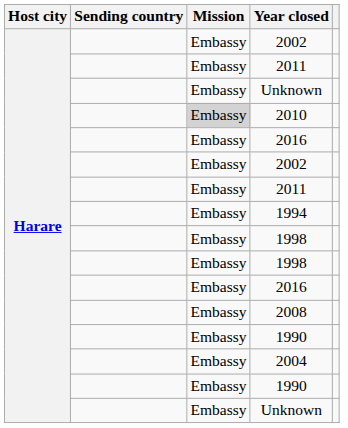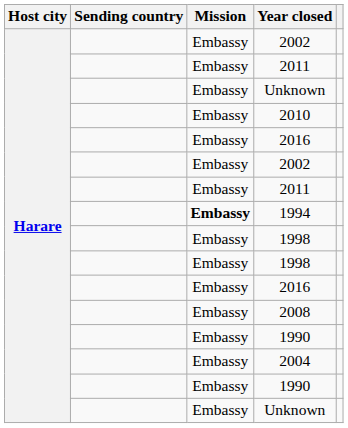 <table class="wikitable plainrowheaders">
 <tr>
 <th scope="col">Host city</th>
 <th scope="col">Sending country</th>
 <th scope="col">Mission</th>
 <th scope="col">Year closed</th>
 <th scope="col"></th>
 </tr>
 <tr>
 <th rowspan="16"><a href='#'>Harare</a></th>
 <td></td>
 <td style="text-align:center;">Embassy</td>
 <td style="text-align:center;">2002</td>
 <td style="text-align:center;"></td>
 </tr>
 <tr>
 <td></td>
 <td style="text-align:center;">Embassy</td>
 <td style="text-align:center;">2011</td>
 <td style="text-align:center;"></td>
 </tr>
 <tr>
 <td></td>
 <td style="text-align:center;">Embassy</td>
 <td style="text-align:center;">Unknown</td>
 <td style="text-align:center;"></td>
 </tr>
 <tr>
 <td></td>
-<td style="background: lightgrey; text-align:center;">Embassy</td>
+<td style="text-align:center;">Embassy</td>
 <td style="text-align:center;">2010</td>
 <td style="text-align:center;"></td>
 </tr>
 <tr>
 <td></td>
 <td style="text-align:center;">Embassy</td>
 <td style="text-align:center;">2016</td>
 <td style="text-align:center;"></td>
 </tr>
 <tr>
 <td></td>
 <td style="text-align:center;">Embassy</td>
 <td style="text-align:center;">2002</td>
 <td style="text-align:center;"></td>
 </tr>
 <tr>
 <td></td>
 <td style="text-align:center;">Embassy</td>
 <td style="text-align:center;">2011</td>
 <td style="text-align:center;"></td>
 </tr>
 <tr>
 <td></td>
-<td style="text-align:center;">Embassy</td>
+<td style="text-align:center;"><strong>Embassy</strong></td>
 <td style="text-align:center;">1994</td>
 <td style="text-align:center;"></td>
 </tr>
 <tr>
 <td></td>
 <td style="text-align:center;">Embassy</td>
 <td style="text-align:center;">1998</td>
 <td style="text-align:center;"></td>
 </tr>
 <tr>
 <td></td>
 <td style="text-align:center;">Embassy</td>
 <td style="text-align:center;">1998</td>
 <td style="text-align:center;"></td>
 </tr>
 <tr>
 <td></td>
 <td style="text-align:center;">Embassy</td>
 <td style="text-align:center;">2016</td>
 <td style="text-align:center;"></td>
 </tr>
 <tr>
 <td></td>
 <td style="text-align:center;">Embassy</td>
 <td style="text-align:center;">2008</td>
 <td style="text-align:center;"></td>
 </tr>
 <tr>
 <td></td>
 <td style="text-align:center;">Embassy</td>
 <td style="text-align:center;">1990</td>
 <td style="text-align:center;"></td>
 </tr>
 <tr>
 <td></td>
 <td style="text-align:center;">Embassy</td>
 <td style="text-align:center;">2004</td>
 <td style="text-align:center;"></td>
 </tr>
 <tr>
 <td></td>
 <td style="text-align:center;">Embassy</td>
 <td style="text-align:center;">1990</td>
 <td style="text-align:center;"></td>
 </tr>
 <tr>
 <td></td>
 <td style="text-align:center;">Embassy</td>
 <td style="text-align:center;">Unknown</td>
 <td style="text-align:center;"></td>
 </tr>
 </table>
